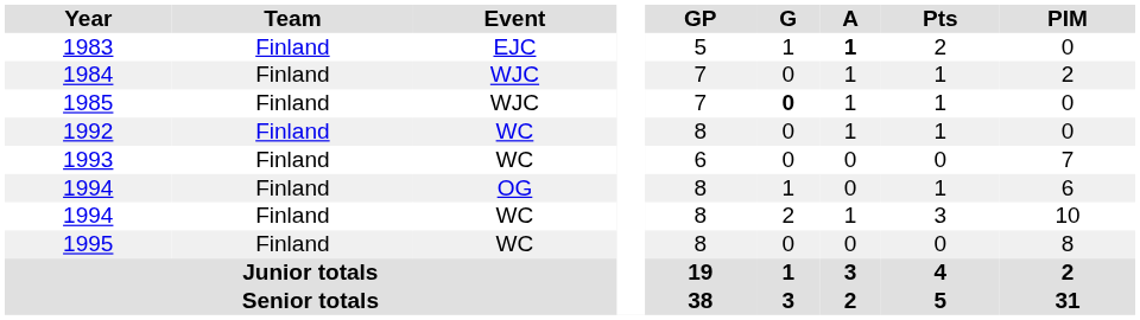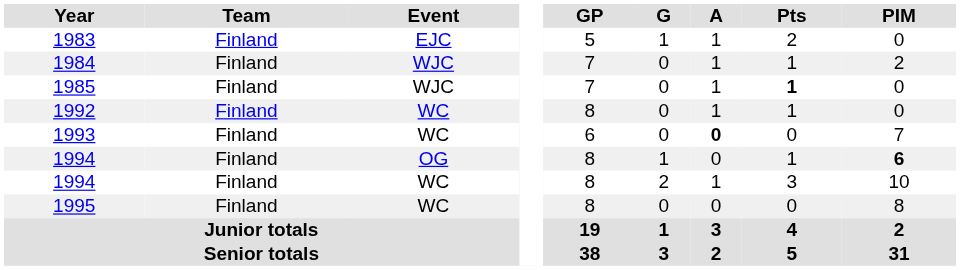 <table border="0" cellpadding="1" cellspacing="0" style="text-align:center; width:50em">
 <tr ALIGN="center" bgcolor="#e0e0e0">
 <th>Year</th>
 <th>Team</th>
 <th>Event</th>
 <th rowspan="99" bgcolor="#ffffff"> </th>
 <th>GP</th>
 <th>G</th>
 <th>A</th>
 <th>Pts</th>
 <th>PIM</th>
 </tr>
 <tr>
 <td><a href='#'>1983</a></td>
 <td><a href='#'>Finland</a></td>
 <td><a href='#'>EJC</a></td>
 <td>5</td>
 <td>1</td>
-<td><strong>1</strong></td>
+<td>1</td>
 <td>2</td>
 <td>0</td>
 </tr>
 <tr bgcolor="#f0f0f0">
 <td><a href='#'>1984</a></td>
 <td>Finland</td>
 <td><a href='#'>WJC</a></td>
 <td>7</td>
 <td>0</td>
 <td>1</td>
 <td>1</td>
 <td>2</td>
 </tr>
 <tr>
 <td><a href='#'>1985</a></td>
 <td>Finland</td>
 <td>WJC</td>
 <td>7</td>
-<td><strong>0</strong></td>
+<td>0</td>
 <td>1</td>
-<td>1</td>
+<td><strong>1</strong></td>
 <td>0</td>
 </tr>
 <tr bgcolor="#f0f0f0">
 <td><a href='#'>1992</a></td>
 <td><a href='#'>Finland</a></td>
 <td><a href='#'>WC</a></td>
 <td>8</td>
 <td>0</td>
 <td>1</td>
 <td>1</td>
 <td>0</td>
 </tr>
 <tr>
 <td><a href='#'>1993</a></td>
 <td>Finland</td>
 <td>WC</td>
 <td>6</td>
 <td>0</td>
-<td>0</td>
+<td><strong>0</strong></td>
 <td>0</td>
 <td>7</td>
 </tr>
 <tr bgcolor="#f0f0f0">
 <td><a href='#'>1994</a></td>
 <td>Finland</td>
 <td><a href='#'>OG</a></td>
 <td>8</td>
 <td>1</td>
 <td>0</td>
 <td>1</td>
-<td>6</td>
+<td><strong>6</strong></td>
 </tr>
 <tr>
 <td><a href='#'>1994</a></td>
 <td>Finland</td>
 <td>WC</td>
 <td>8</td>
 <td>2</td>
 <td>1</td>
 <td>3</td>
 <td>10</td>
 </tr>
 <tr bgcolor="#f0f0f0">
 <td><a href='#'>1995</a></td>
 <td>Finland</td>
 <td>WC</td>
 <td>8</td>
 <td>0</td>
 <td>0</td>
 <td>0</td>
 <td>8</td>
 </tr>
 <tr bgcolor="#e0e0e0">
 <th colspan=3>Junior totals</th>
 <th>19</th>
 <th>1</th>
 <th>3</th>
 <th>4</th>
 <th>2</th>
 </tr>
 <tr bgcolor="#e0e0e0">
 <th colspan=3>Senior totals</th>
 <th>38</th>
 <th>3</th>
 <th>2</th>
 <th>5</th>
 <th>31</th>
 </tr>
 </table>
